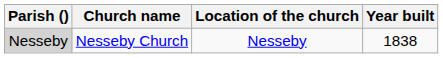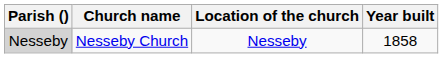 <table class="wikitable" style="text-align:center">
 <tr>
 <th>Parish ()</th>
 <th>Church name</th>
 <th>Location of the church</th>
 <th>Year built</th>
 </tr>
 <tr>
 <td style="background: lightgrey;">Nesseby</td>
 <td><a href='#'>Nesseby Church</a></td>
 <td><a href='#'>Nesseby</a></td>
-<td>1838</td>
+<td>1858</td>
 </tr>
 </table>
